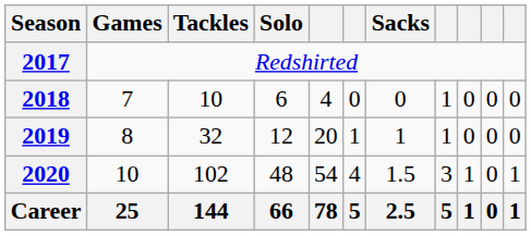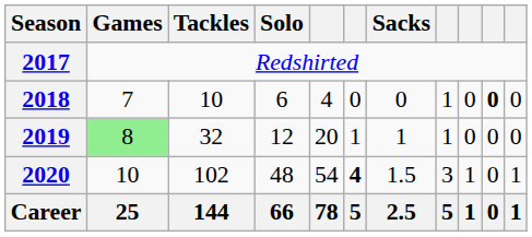 <table class=wikitable style="text-align:center;">
 <tr>
 <th>Season</th>
 <th>Games</th>
 <th>Tackles</th>
 <th>Solo</th>
 <th></th>
 <th></th>
 <th>Sacks</th>
 <th></th>
 <th></th>
 <th></th>
 <th></th>
 </tr>
 <tr>
 <th><a href='#'>2017</a></th>
 <td colspan="10"><em><a href='#'>Redshirted</a></em></td>
 </tr>
 <tr>
 <th><a href='#'>2018</a></th>
 <td>7</td>
 <td>10</td>
 <td>6</td>
 <td>4</td>
 <td>0</td>
 <td>0</td>
 <td>1</td>
 <td>0</td>
-<td>0</td>
+<td><strong>0</strong></td>
 <td>0</td>
 </tr>
 <tr>
 <th><a href='#'>2019</a></th>
-<td>8</td>
+<td style="background: lightgreen;">8</td>
 <td>32</td>
 <td>12</td>
 <td>20</td>
 <td>1</td>
 <td>1</td>
 <td>1</td>
 <td>0</td>
 <td>0</td>
 <td>0</td>
 </tr>
 <tr>
 <th><a href='#'>2020</a></th>
 <td>10</td>
 <td>102</td>
 <td>48</td>
 <td>54</td>
-<td>4</td>
+<td><strong>4</strong></td>
 <td>1.5</td>
 <td>3</td>
 <td>1</td>
 <td>0</td>
 <td>1</td>
 </tr>
 <tr>
 <th>Career</th>
 <th>25</th>
 <th>144</th>
 <th>66</th>
 <th>78</th>
 <th>5</th>
 <th>2.5</th>
 <th>5</th>
 <th>1</th>
 <th>0</th>
 <th>1</th>
 </tr>
 </table>
